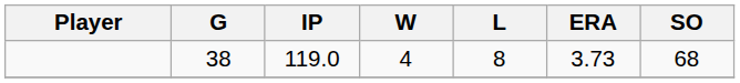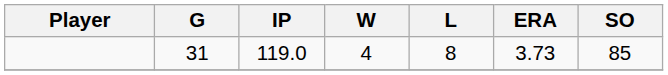 <table class="wikitable sortable">
 <tr>
 <th bgcolor="#DDDDFF" width="16%">Player</th>
 <th bgcolor="#DDDDFF" width="9%">G</th>
 <th bgcolor="#DDDDFF" width="9%">IP</th>
 <th bgcolor="#DDDDFF" width="9%">W</th>
 <th bgcolor="#DDDDFF" width="9%">L</th>
 <th bgcolor="#DDDDFF" width="9%">ERA</th>
 <th bgcolor="#DDDDFF" width="9%">SO</th>
 </tr>
 <tr align="center">
 <td></td>
-<td>38</td>
+<td>31</td>
 <td>119.0</td>
 <td>4</td>
 <td>8</td>
 <td>3.73</td>
-<td>68</td>
+<td>85</td>
 </tr>
 <tr align="center">
 </tr>
 </table>
